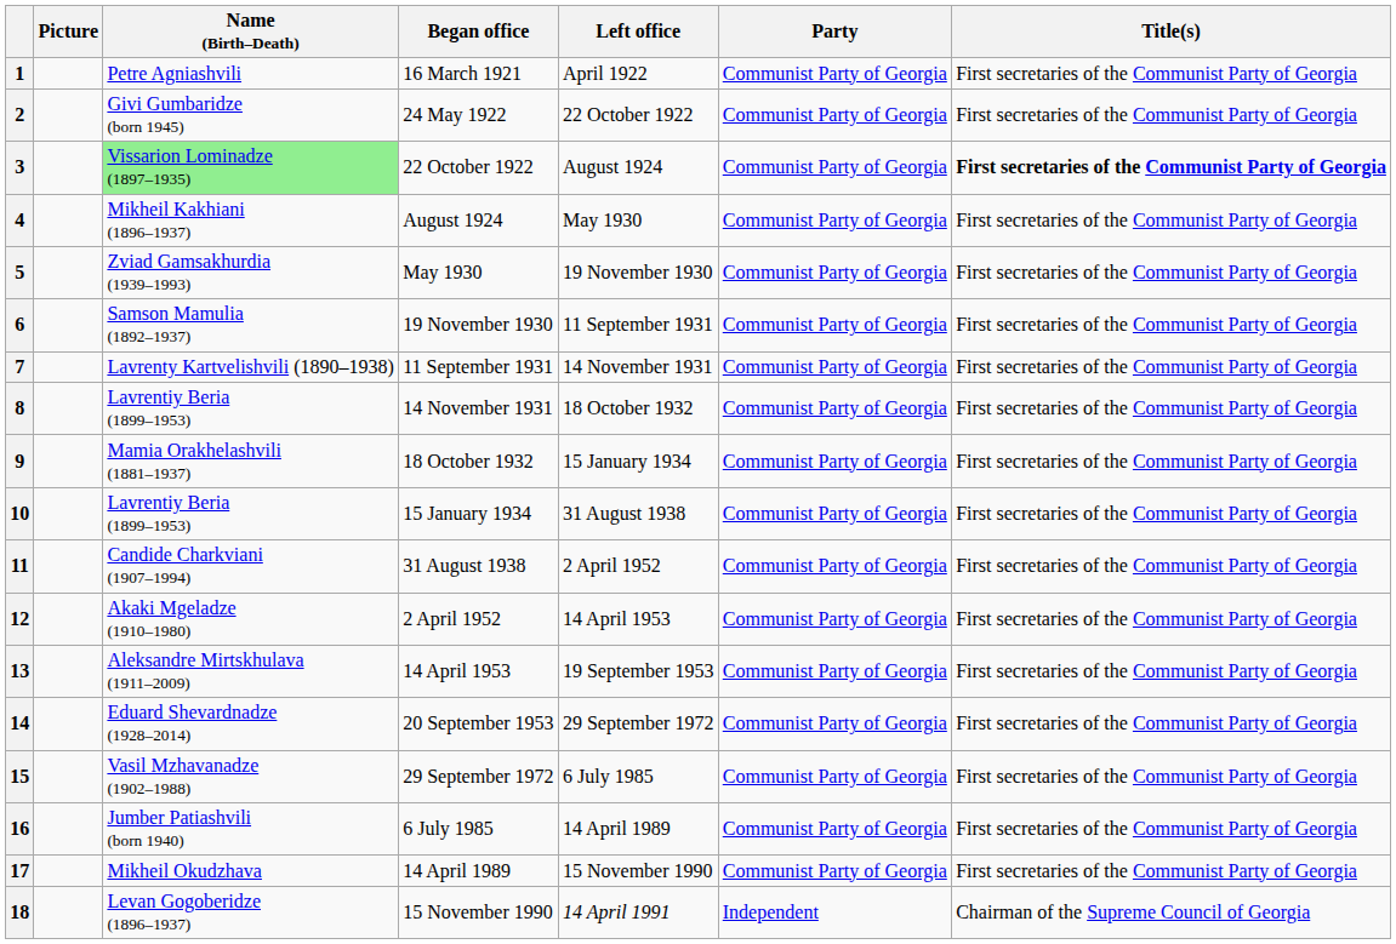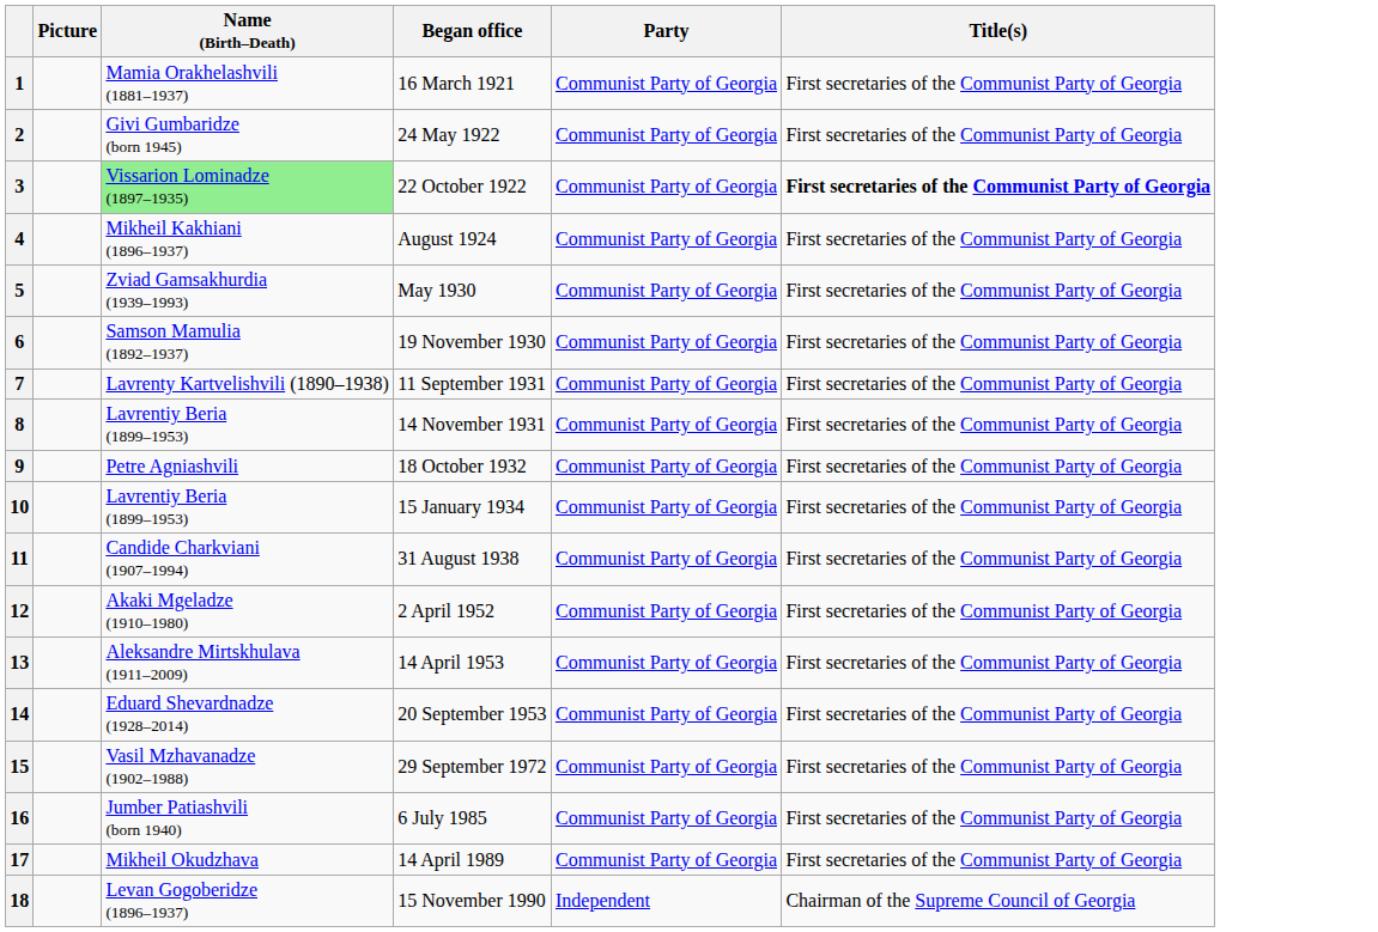 <table class="wikitable">
 <tr>
 <th></th>
 <th>Picture</th>
 <th>Name<br><small>(Birth–Death)</small></th>
 <th>Began office</th>
-<th>Left office</th>
 <th>Party</th>
 <th>Title(s)</th>
 </tr>
 <tr>
 <th style="background:">1</th>
 <td></td>
-<td><a href='#'>Petre Agniashvili</a></td>
+<td><a href='#'>Mamia Orakhelashvili</a><br><small>(1881–1937)</small></td>
 <td>16 March 1921</td>
-<td>April 1922</td>
 <td><a href='#'>Communist Party of Georgia</a></td>
 <td>First secretaries of the <a href='#'>Communist Party of Georgia</a></td>
 </tr>
 <tr>
 <th style="background:">2</th>
 <td></td>
 <td><a href='#'>Givi Gumbaridze</a>   <br><small>(born 1945)</small></td>
 <td>24 May 1922</td>
-<td>22 October 1922</td>
 <td><a href='#'>Communist Party of Georgia</a></td>
 <td>First secretaries of the <a href='#'>Communist Party of Georgia</a></td>
 </tr>
 <tr>
 <th style="background:">3</th>
 <td></td>
 <td style="background: lightgreen;"><a href='#'>Vissarion Lominadze</a> <br><small>(1897–1935)</small></td>
 <td>22 October 1922</td>
-<td>August 1924</td>
 <td><a href='#'>Communist Party of Georgia</a></td>
 <td><strong>First secretaries of the <a href='#'>Communist Party of Georgia</a></strong></td>
 </tr>
 <tr>
 <th style="background:">4</th>
 <td></td>
 <td><a href='#'>Mikheil Kakhiani</a> <br><small>(1896–1937)</small></td>
 <td>August 1924</td>
-<td>May 1930</td>
 <td><a href='#'>Communist Party of Georgia</a></td>
 <td>First secretaries of the <a href='#'>Communist Party of Georgia</a></td>
 </tr>
 <tr>
 <th style="background:">5</th>
 <td></td>
 <td><a href='#'>Zviad Gamsakhurdia</a><br><small>(1939–1993)</small></td>
 <td>May 1930</td>
-<td>19 November 1930</td>
 <td><a href='#'>Communist Party of Georgia</a></td>
 <td>First secretaries of the <a href='#'>Communist Party of Georgia</a></td>
 </tr>
 <tr>
 <th style="background:">6</th>
 <td></td>
 <td><a href='#'>Samson Mamulia</a><br><small>(1892–1937)</small></td>
 <td>19 November 1930</td>
-<td>11 September 1931</td>
 <td><a href='#'>Communist Party of Georgia</a></td>
 <td>First secretaries of the <a href='#'>Communist Party of Georgia</a></td>
 </tr>
 <tr>
 <th style="background:">7</th>
 <td></td>
 <td><a href='#'>Lavrenty Kartvelishvili</a> (1890–1938)</td>
 <td>11 September 1931</td>
-<td>14 November 1931</td>
 <td><a href='#'>Communist Party of Georgia</a></td>
 <td>First secretaries of the <a href='#'>Communist Party of Georgia</a></td>
 </tr>
 <tr>
 <th style="background:">8</th>
 <td></td>
 <td><a href='#'>Lavrentiy Beria</a><br><small>(1899–1953)</small></td>
 <td>14 November 1931</td>
-<td>18 October 1932</td>
 <td><a href='#'>Communist Party of Georgia</a></td>
 <td>First secretaries of the <a href='#'>Communist Party of Georgia</a></td>
 </tr>
 <tr>
 <th style="background:">9</th>
 <td></td>
-<td><a href='#'>Mamia Orakhelashvili</a><br><small>(1881–1937)</small></td>
+<td><a href='#'>Petre Agniashvili</a></td>
 <td>18 October 1932</td>
-<td>15 January 1934</td>
 <td><a href='#'>Communist Party of Georgia</a></td>
 <td>First secretaries of the <a href='#'>Communist Party of Georgia</a></td>
 </tr>
 <tr>
 <th style="background:">10</th>
 <td></td>
 <td><a href='#'>Lavrentiy Beria</a><br><small>(1899–1953)</small></td>
 <td>15 January 1934</td>
-<td>31 August 1938</td>
 <td><a href='#'>Communist Party of Georgia</a></td>
 <td>First secretaries of the <a href='#'>Communist Party of Georgia</a></td>
 </tr>
 <tr>
 <th style="background:">11</th>
 <td></td>
 <td><a href='#'>Candide Charkviani</a><br><small>(1907–1994)</small></td>
 <td>31 August 1938</td>
-<td>2 April 1952</td>
 <td><a href='#'>Communist Party of Georgia</a></td>
 <td>First secretaries of the <a href='#'>Communist Party of Georgia</a></td>
 </tr>
 <tr>
 <th style="background:">12</th>
 <td></td>
 <td><a href='#'>Akaki Mgeladze</a><br><small>(1910–1980)</small></td>
 <td>2 April 1952</td>
-<td>14 April 1953</td>
 <td><a href='#'>Communist Party of Georgia</a></td>
 <td>First secretaries of the <a href='#'>Communist Party of Georgia</a></td>
 </tr>
 <tr>
 <th style="background:">13</th>
 <td></td>
 <td><a href='#'>Aleksandre Mirtskhulava</a> <br><small>(1911–2009)</small></td>
 <td>14 April 1953</td>
-<td>19 September 1953</td>
 <td><a href='#'>Communist Party of Georgia</a></td>
 <td>First secretaries of the <a href='#'>Communist Party of Georgia</a></td>
 </tr>
 <tr>
 <th style="background:">14</th>
 <td></td>
 <td><a href='#'>Eduard Shevardnadze</a> <br><small>(1928–2014)</small></td>
 <td>20 September 1953</td>
-<td>29 September 1972</td>
 <td><a href='#'>Communist Party of Georgia</a></td>
 <td>First secretaries of the <a href='#'>Communist Party of Georgia</a></td>
 </tr>
 <tr>
 <th style="background:">15</th>
 <td></td>
 <td><a href='#'>Vasil Mzhavanadze</a> <br><small>(1902–1988)</small></td>
 <td>29 September 1972</td>
-<td>6 July 1985</td>
 <td><a href='#'>Communist Party of Georgia</a></td>
 <td>First secretaries of the <a href='#'>Communist Party of Georgia</a></td>
 </tr>
 <tr>
 <th style="background:">16</th>
 <td></td>
 <td><a href='#'>Jumber Patiashvili</a>  <br><small>(born 1940)</small></td>
 <td>6 July 1985</td>
-<td>14 April 1989</td>
 <td><a href='#'>Communist Party of Georgia</a></td>
 <td>First secretaries of the <a href='#'>Communist Party of Georgia</a></td>
 </tr>
 <tr>
 <th style="background:">17</th>
 <td></td>
 <td><a href='#'>Mikheil Okudzhava</a></td>
 <td>14 April 1989</td>
-<td>15 November 1990</td>
 <td><a href='#'>Communist Party of Georgia</a></td>
 <td>First secretaries of the <a href='#'>Communist Party of Georgia</a></td>
 </tr>
 <tr>
 <th style="background:">18</th>
 <td></td>
 <td><a href='#'>Levan Gogoberidze</a> <br><small>(1896–1937)</small></td>
 <td>15 November 1990</td>
-<td><em>14 April 1991</em></td>
 <td><a href='#'>Independent</a></td>
 <td>Chairman of the <a href='#'>Supreme Council of Georgia</a></td>
 </tr>
 </table>
